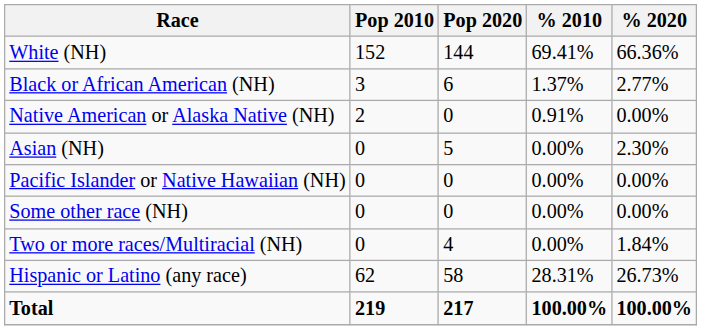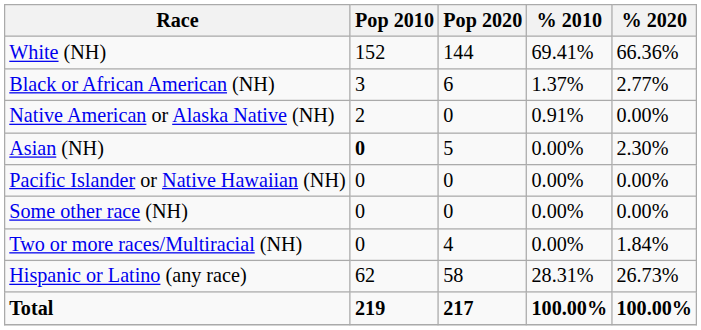 <table class="wikitable">
 <tr>
 <th>Race</th>
 <th>Pop 2010</th>
 <th>Pop 2020</th>
 <th>% 2010</th>
 <th>% 2020</th>
 </tr>
 <tr>
 <td><a href='#'>White</a> (NH)</td>
 <td>152</td>
 <td>144</td>
 <td>69.41%</td>
 <td>66.36%</td>
 </tr>
 <tr>
 <td><a href='#'>Black or African American</a> (NH)</td>
 <td>3</td>
 <td>6</td>
 <td>1.37%</td>
 <td>2.77%</td>
 </tr>
 <tr>
 <td><a href='#'>Native American</a> or <a href='#'>Alaska Native</a> (NH)</td>
 <td>2</td>
 <td>0</td>
 <td>0.91%</td>
 <td>0.00%</td>
 </tr>
 <tr>
 <td><a href='#'>Asian</a> (NH)</td>
-<td>0</td>
+<td><strong>0</strong></td>
 <td>5</td>
 <td>0.00%</td>
 <td>2.30%</td>
 </tr>
 <tr>
 <td><a href='#'>Pacific Islander</a> or <a href='#'>Native Hawaiian</a> (NH)</td>
 <td>0</td>
 <td>0</td>
 <td>0.00%</td>
 <td>0.00%</td>
 </tr>
 <tr>
 <td><a href='#'>Some other race</a> (NH)</td>
 <td>0</td>
 <td>0</td>
 <td>0.00%</td>
 <td>0.00%</td>
 </tr>
 <tr>
 <td><a href='#'>Two or more races/Multiracial</a> (NH)</td>
 <td>0</td>
 <td>4</td>
 <td>0.00%</td>
 <td>1.84%</td>
 </tr>
 <tr>
 <td><a href='#'>Hispanic or Latino</a> (any race)</td>
 <td>62</td>
 <td>58</td>
 <td>28.31%</td>
 <td>26.73%</td>
 </tr>
 <tr>
 <td><strong>Total</strong></td>
 <td><strong>219</strong></td>
 <td><strong>217</strong></td>
 <td><strong>100.00%</strong></td>
 <td><strong>100.00%</strong></td>
 </tr>
 <tr>
 </tr>
 </table>
